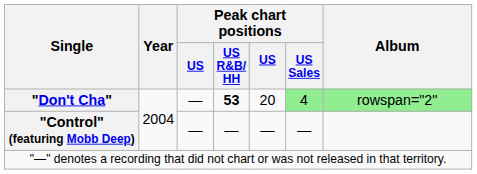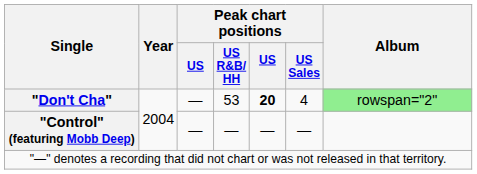 <table class="wikitable plainrowheaders" style="text-align:center;">
 <tr>
 <th scope="col" rowspan="2" style="width:9em;">Single</th>
 <th scope="col" rowspan="2" style="width:1em;">Year</th>
 <th scope="col" colspan="4" style="width:5em;">Peak chart positions</th>
 <th scope="col" rowspan="2" style="width:10em;">Album</th>
 </tr>
 <tr>
 <th scope="col" style="width:2.5em;font-size:85%;"><a href='#'>US</a><br></th>
 <th scope="col" style="width:2.5em;font-size:85%;"><a href='#'>US<br>R&B/<br>HH</a><br></th>
 <th scope="col" style="width:2.5em;font-size:85%;"><a href='#'>US<br></a><br></th>
 <th scope="col" style="width:2.5em;font-size:85%;"><a href='#'>US<br>Sales</a><br></th>
 </tr>
 <tr>
 <th scope="row">"<a href='#'>Don't Cha</a>"</th>
 <td rowspan="2">2004</td>
 <td>—</td>
-<td><strong>53</strong></td>
-<td>20</td>
-<td style="background: lightgreen;">4</td>
+<td>53</td>
+<td><strong>20</strong></td>
+<td>4</td>
 <td style="background: lightgreen;">rowspan="2" </td>
 </tr>
 <tr>
 <th scope="row">"Control"<br><small>(featuring <a href='#'>Mobb Deep</a>)</small></th>
 <td>—</td>
 <td>—</td>
 <td>—</td>
 <td>—</td>
 </tr>
 <tr>
 <td colspan="10" style="font-size:85%">"—" denotes a recording that did not chart or was not released in that territory.</td>
 </tr>
 </table>
